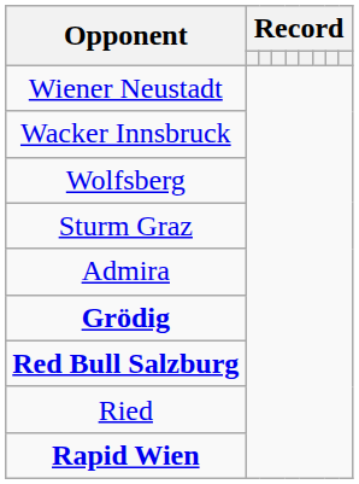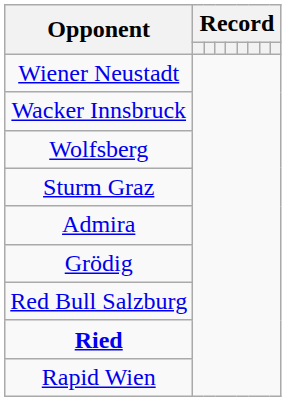 <table class="wikitable" style="text-align: center">
 <tr>
 <th rowspan="2">Opponent</th>
 <th colspan="8">Record</th>
 </tr>
 <tr>
 <th></th>
 <th></th>
 <th></th>
 <th></th>
 <th></th>
 <th></th>
 <th></th>
 <th></th>
 </tr>
 <tr>
 <td><a href='#'>Wiener Neustadt</a><br></td>
 </tr>
 <tr>
 <td><a href='#'>Wacker Innsbruck</a><br></td>
 </tr>
 <tr>
 <td><a href='#'>Wolfsberg</a><br></td>
 </tr>
 <tr>
 <td><a href='#'>Sturm Graz</a><br></td>
 </tr>
 <tr>
 <td><a href='#'>Admira</a><br></td>
 </tr>
 <tr>
-<td><strong><a href='#'>Grödig</a><br></strong></td>
+<td><a href='#'>Grödig</a><br></td>
 </tr>
 <tr>
-<td><strong><a href='#'>Red Bull Salzburg</a><br></strong></td>
+<td><a href='#'>Red Bull Salzburg</a><br></td>
 </tr>
 <tr>
-<td><a href='#'>Ried</a><br></td>
+<td><strong><a href='#'>Ried</a><br></strong></td>
 </tr>
 <tr>
-<td><strong><a href='#'>Rapid Wien</a><br></strong></td>
+<td><a href='#'>Rapid Wien</a><br></td>
 </tr>
 </table>
